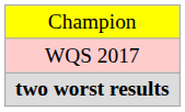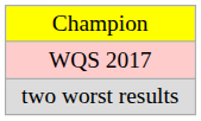 <table width=15% class="wikitable" style="text-align: center;">
 <tr>
 <td bgcolor=yellow>Champion</td>
 </tr>
 <tr>
 <td bgcolor=FFCCCC>WQS 2017</td>
 </tr>
 <tr>
-<td bgcolor=#dcdcdc><strong>two worst results</strong></td>
+<td bgcolor=#dcdcdc>two worst results</td>
 </tr>
 </table>
